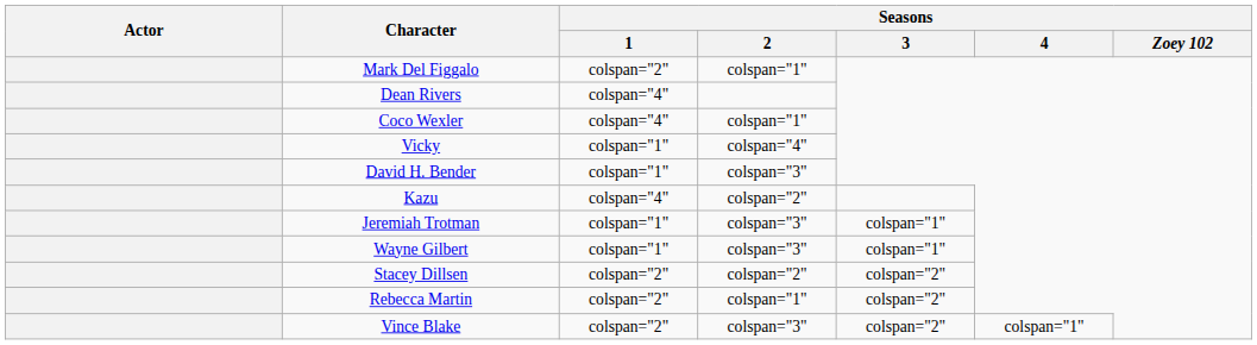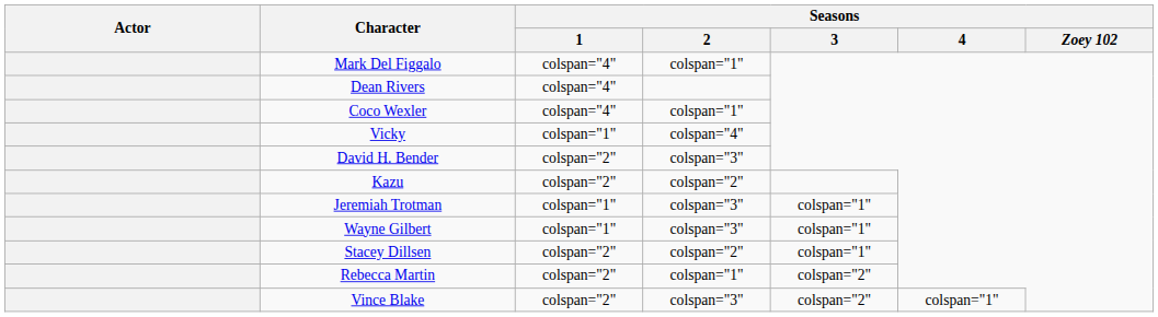 <table class="wikitable plainrowheaders" style="text-align:center">
 <tr>
 <th rowspan="2" style="width:14%;" scope="col">Actor</th>
 <th rowspan="2" style="width:14%;" scope="col">Character</th>
 <th colspan="5">Seasons</th>
 </tr>
 <tr>
 <th style="width:7%;" scope="col">1</th>
 <th style="width:7%;" scope="col">2</th>
 <th style="width:7%;" scope="col">3</th>
 <th style="width:7%;" scope="col">4</th>
 <th style="width:7%;" scope="col"><em>Zoey 102</em></th>
 </tr>
 <tr>
 <th scope="row"></th>
 <td><a href='#'>Mark Del Figgalo</a></td>
-<td>colspan="2" </td>
+<td>colspan="4" </td>
 <td>colspan="1" </td>
 </tr>
 <tr>
 <th scope="row"></th>
 <td><a href='#'>Dean Rivers</a></td>
 <td>colspan="4" </td>
 <td></td>
 </tr>
 <tr>
 <th scope="row"></th>
 <td><a href='#'>Coco Wexler</a></td>
 <td>colspan="4" </td>
 <td>colspan="1" </td>
 </tr>
 <tr>
 <th scope="row"></th>
 <td><a href='#'>Vicky</a></td>
 <td>colspan="1" </td>
 <td>colspan="4" </td>
 </tr>
 <tr>
 <th scope="row"></th>
 <td><a href='#'>David H. Bender</a></td>
-<td>colspan="1" </td>
+<td>colspan="2" </td>
 <td>colspan="3" </td>
 </tr>
 <tr>
 <th scope="row"></th>
 <td><a href='#'>Kazu</a></td>
-<td>colspan="4" </td>
+<td>colspan="2" </td>
 <td>colspan="2" </td>
 <td></td>
 </tr>
 <tr>
 <th scope="row"></th>
 <td><a href='#'>Jeremiah Trotman</a></td>
 <td>colspan="1" </td>
 <td>colspan="3" </td>
 <td>colspan="1" </td>
 </tr>
 <tr>
 <th scope="row"></th>
 <td><a href='#'>Wayne Gilbert</a></td>
 <td>colspan="1" </td>
 <td>colspan="3" </td>
 <td>colspan="1" </td>
 </tr>
 <tr>
 <th scope="row"></th>
 <td><a href='#'>Stacey Dillsen</a></td>
 <td>colspan="2" </td>
 <td>colspan="2" </td>
-<td>colspan="2" </td>
+<td>colspan="1" </td>
 </tr>
 <tr>
 <th scope="row"></th>
 <td><a href='#'>Rebecca Martin</a></td>
 <td>colspan="2" </td>
 <td>colspan="1" </td>
 <td>colspan="2" </td>
 </tr>
 <tr>
 <th scope="row"></th>
 <td><a href='#'>Vince Blake</a></td>
 <td>colspan="2" </td>
 <td>colspan="3" </td>
 <td>colspan="2" </td>
 <td>colspan="1" </td>
 </tr>
 </table>
